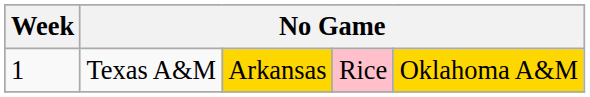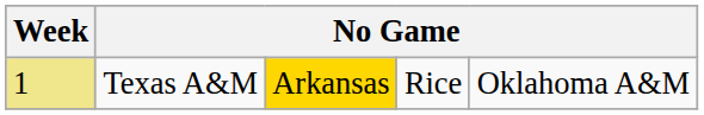 <table class="wikitable" style="font-size:95%">
 <tr>
 <th>Week</th>
 <th colspan="10">No Game</th>
 </tr>
 <tr>
-<td>1</td>
+<td style="background: khaki;">1</td>
 <td>Texas A&M</td>
 <td style="background: gold;">Arkansas</td>
-<td style="background: pink;">Rice</td>
-<td style="background: gold;">Oklahoma A&M</td>
+<td>Rice</td>
+<td>Oklahoma A&M</td>
 </tr>
 </table>
